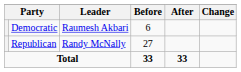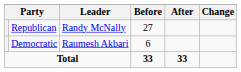 <table class="wikitable" style="text-align:center;">
 <tr>
 </tr>
 <tr>
 <th colspan="2">Party</th>
 <th>Leader</th>
 <th style="width:3em">Before</th>
 <th style="width:3em">After</th>
 <th style="width:3em">Change</th>
 </tr>
 <tr>
 <th style="background-color:"></th>
-<td style="text-align:left;"><a href='#'>Democratic</a></td>
-<td style="text-align:left;"><a href='#'>Raumesh Akbari</a></td>
-<td>6</td>
+<td style="text-align:left;"><a href='#'>Republican</a></td>
+<td style="text-align:left;"><a href='#'>Randy McNally</a></td>
+<td>27</td>
 <td></td>
 <td></td>
 </tr>
 <tr>
 <th style="background-color:"></th>
-<td style="text-align:left;"><a href='#'>Republican</a></td>
-<td style="text-align:left;"><a href='#'>Randy McNally</a></td>
-<td>27</td>
+<td style="text-align:left;"><a href='#'>Democratic</a></td>
+<td style="text-align:left;"><a href='#'>Raumesh Akbari</a></td>
+<td>6</td>
 <td></td>
 <td></td>
 </tr>
 <tr>
 <td colspan="3"><strong>Total</strong></td>
 <td><strong>33</strong></td>
 <td><strong>33</strong></td>
 <td></td>
 </tr>
 </table>
